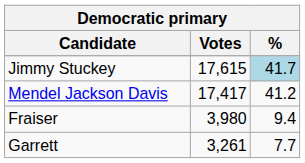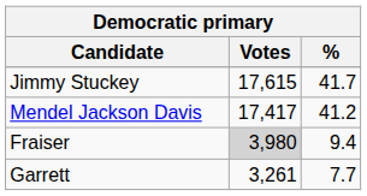 <table class="wikitable" align="left" style="margin: 1em 1em 1em 0; font-size: 95%;">
 <tr>
 <th colspan="3">Democratic primary</th>
 </tr>
 <tr>
 <th colspan="1" style="width: 170px">Candidate</th>
 <th style="width: 50px">Votes</th>
 <th style="width: 40px">%</th>
 </tr>
 <tr>
 </tr>
 <tr>
 <td>Jimmy Stuckey</td>
 <td align="right">17,615</td>
-<td align="right" style="background: lightblue;">41.7</td>
+<td align="right">41.7</td>
 </tr>
 <tr>
 <td><a href='#'>Mendel Jackson Davis</a></td>
 <td align="right">17,417</td>
 <td align="right">41.2</td>
 </tr>
 <tr>
 <td>Fraiser</td>
-<td align="right">3,980</td>
+<td align="right" style="background: lightgrey;">3,980</td>
 <td align="right">9.4</td>
 </tr>
 <tr>
 <td>Garrett</td>
 <td align="right">3,261</td>
 <td align="right">7.7</td>
 </tr>
 <tr>
 </tr>
 </table>
